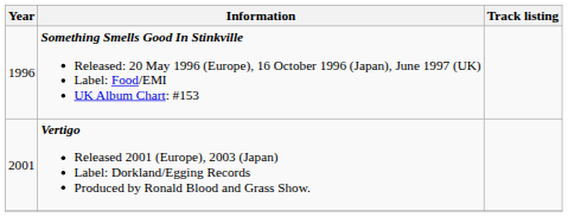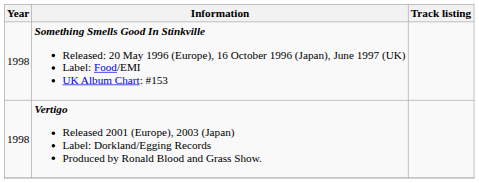 <table class="wikitable">
 <tr>
 <th rowspan="1">Year</th>
 <th rowspan="1">Information</th>
 <th rowspan="1">Track listing</th>
 </tr>
 <tr>
-<td>1996</td>
+<td>1998</td>
 <td><strong><em>Something Smells Good In Stinkville</em></strong><br><ul><li>Released: 20 May 1996 (Europe), 16 October 1996 (Japan), June 1997 (UK)</li><li>Label: <a href='#'>Food</a>/EMI</li><li><a href='#'>UK Album Chart</a>: #153</li></ul></td>
 <td><br></td>
 </tr>
 <tr>
-<td>2001</td>
+<td>1998</td>
 <td><strong><em>Vertigo</em></strong><br><ul><li>Released 2001 (Europe), 2003 (Japan)</li><li>Label: Dorkland/Egging Records</li><li>Produced by Ronald Blood and Grass Show.</li></ul></td>
 <td><br></td>
 </tr>
 <tr>
 </tr>
 </table>
